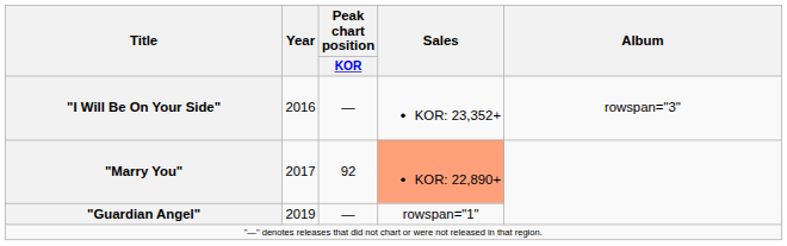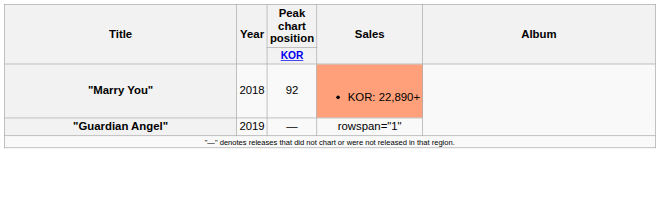 <table class="wikitable plainrowheaders" style="text-align:center">
 <tr>
 <th scope="col" rowspan="2" style="width:20em;">Title</th>
 <th scope="col" rowspan="2">Year</th>
 <th scope="col">Peak chart position</th>
 <th scope="col" rowspan="2">Sales</th>
 <th scope="col" rowspan="2" style="width:20em;">Album</th>
 </tr>
 <tr>
 <th style="width:3em;font-size:90%"><a href='#'>KOR</a><br></th>
 </tr>
 <tr>
-<th scope="row">"I Will Be On Your Side" <br></th>
-<td>2016</td>
-<td>—</td>
-<td><br><ul><li>KOR: 23,352+</li></ul></td>
-<td>rowspan="3" </td>
-</tr>
-<tr>
 <th scope="row">"Marry You"<br></th>
-<td>2017</td>
+<td>2018</td>
 <td>92</td>
 <td style="background: lightsalmon;"><br><ul><li>KOR: 22,890+</li></ul></td>
 </tr>
 <tr>
 <th scope="row">"Guardian Angel" <br></th>
 <td>2019</td>
 <td>—</td>
 <td>rowspan="1" </td>
 </tr>
 <tr>
 <td colspan="5" style="font-size:8pt">"—" denotes releases that did not chart or were not released in that region.</td>
 </tr>
 </table>
